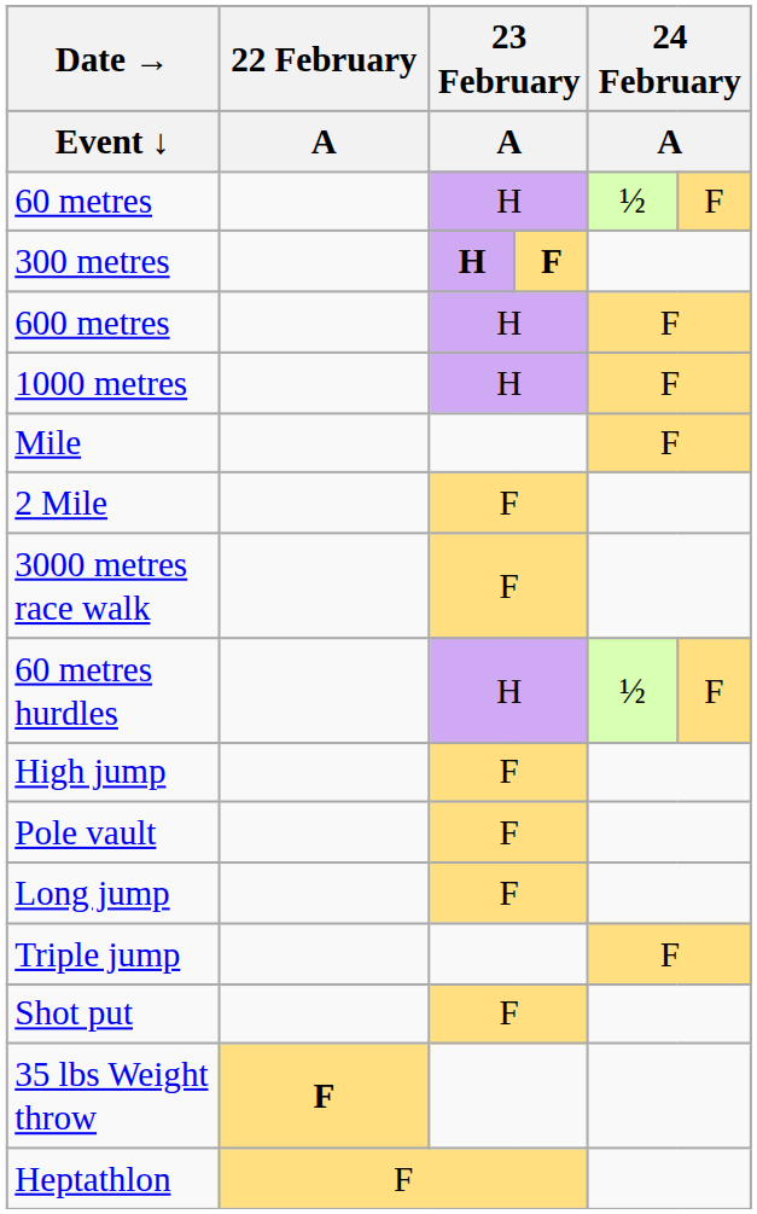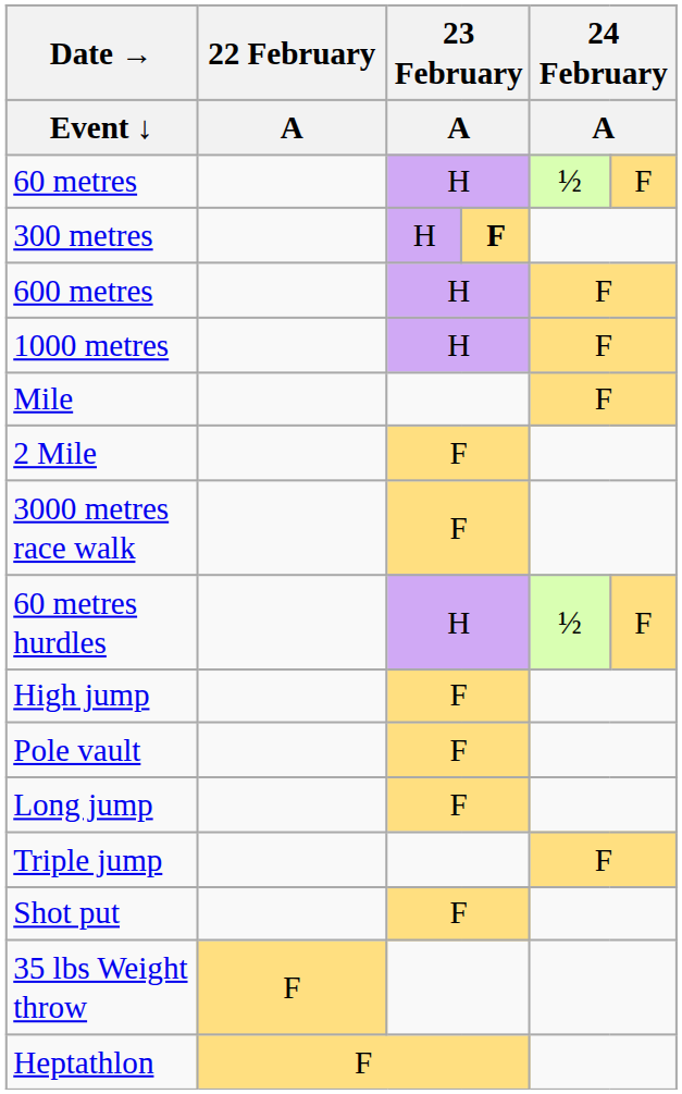 <table class="wikitable" style="margin:0.5em auto; font-size:90%; line-height:1.25em;">
 <tr align="center">
 <th width="80px" colspan=1>Date   →</th>
 <th width="40px" colspan=1>22 February</th>
 <th width="40px" colspan=2>23 February</th>
 <th width="40px" colspan=2>24 February</th>
 </tr>
 <tr>
 <th>Event ↓</th>
 <th width="80px">A</th>
 <th width="40px" colspan=2>A</th>
 <th width="60px" colspan=2>A</th>
 </tr>
 <tr align="center">
 <td align="left"><a href='#'>60 metres</a></td>
 <td></td>
 <td bgcolor="#D0A9F5" colspan=2>H</td>
 <td bgcolor="#D9FFB2" colspan=1>½</td>
 <td bgcolor="#FFDF80" colspan=1>F</td>
 </tr>
 <tr align="center">
 <td align="left"><a href='#'>300 metres</a></td>
 <td></td>
-<td bgcolor="#D0A9F5" colspan=1><strong>H</strong></td>
+<td bgcolor="#D0A9F5" colspan=1>H</td>
 <td bgcolor="#FFDF80" colspan=1><strong>F</strong></td>
 <td colspan=2></td>
 </tr>
 <tr align="center">
 <td align="left"><a href='#'>600 metres</a></td>
 <td></td>
 <td bgcolor="#D0A9F5" colspan=2>H</td>
 <td bgcolor="#FFDF80" colspan=2>F</td>
 </tr>
 <tr align="center">
 <td align="left"><a href='#'>1000 metres</a></td>
 <td></td>
 <td bgcolor="#D0A9F5" colspan=2>H</td>
 <td bgcolor="#FFDF80" colspan=2>F</td>
 </tr>
 <tr align="center">
 <td align="left"><a href='#'>Mile</a></td>
 <td></td>
 <td colspan=2></td>
 <td bgcolor="#FFDF80" colspan=2>F</td>
 </tr>
 <tr align="center">
 <td align="left"><a href='#'>2 Mile</a></td>
 <td></td>
 <td bgcolor="#FFDF80" colspan=2>F</td>
 <td colspan=2></td>
 </tr>
 <tr align="center">
 <td align="left"><a href='#'>3000 metres race walk</a></td>
 <td></td>
 <td bgcolor="#FFDF80" colspan=2>F</td>
 <td colspan=2></td>
 </tr>
 <tr align="center">
 <td align="left"><a href='#'>60 metres hurdles</a></td>
 <td></td>
 <td bgcolor="#D0A9F5" colspan=2>H</td>
 <td bgcolor="#D9FFB2" colspan=1>½</td>
 <td bgcolor="#FFDF80" colspan=1>F</td>
 </tr>
 <tr align="center">
 <td align="left"><a href='#'>High jump</a></td>
 <td></td>
 <td bgcolor="#FFDF80" colspan=2>F</td>
 <td colspan=2></td>
 </tr>
 <tr align="center">
 <td align="left"><a href='#'>Pole vault</a></td>
 <td></td>
 <td bgcolor="#FFDF80" colspan=2>F</td>
 <td colspan=2></td>
 </tr>
 <tr align="center">
 <td align="left"><a href='#'>Long jump</a></td>
 <td></td>
 <td bgcolor="#FFDF80" colspan=2>F</td>
 <td colspan=2></td>
 </tr>
 <tr align="center">
 <td align="left"><a href='#'>Triple jump</a></td>
 <td></td>
 <td colspan=2></td>
 <td bgcolor="#FFDF80" colspan=2>F</td>
 </tr>
 <tr align="center">
 <td align="left"><a href='#'>Shot put</a></td>
 <td></td>
 <td bgcolor="#FFDF80" colspan=2>F</td>
 <td colspan=2></td>
 </tr>
 <tr align="center">
 <td align="left"><a href='#'>35 lbs Weight throw</a></td>
-<td bgcolor="#FFDF80" colspan=1><strong>F</strong></td>
+<td bgcolor="#FFDF80" colspan=1>F</td>
 <td colspan=2></td>
 <td colspan=2></td>
 </tr>
 <tr align="center">
 <td align="left"><a href='#'>Heptathlon</a></td>
 <td bgcolor="#FFDF80" colspan=3>F</td>
 <td colspan=3></td>
 </tr>
 </table>
